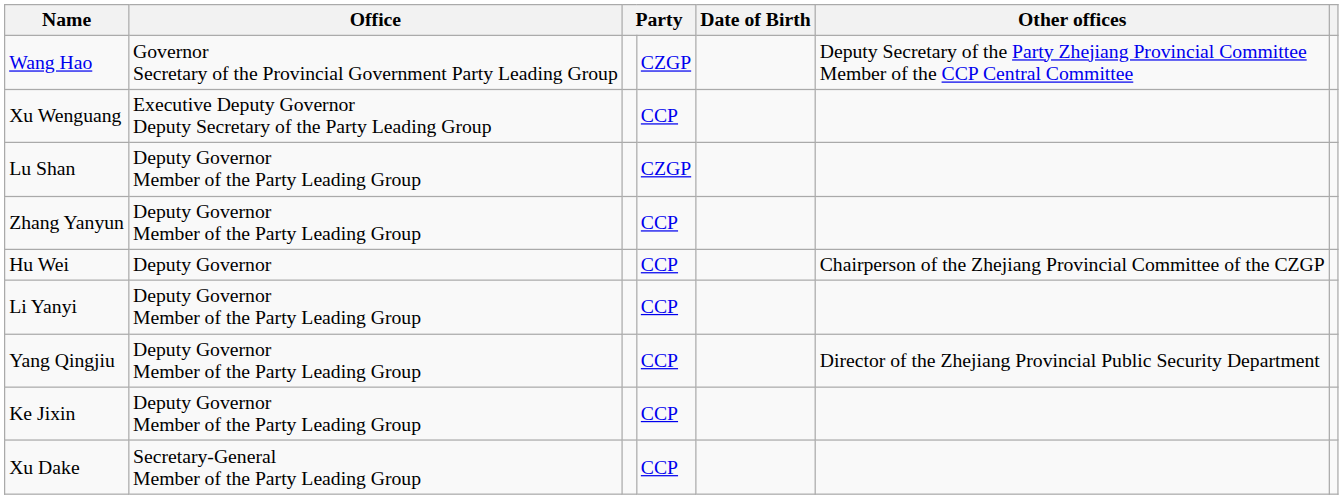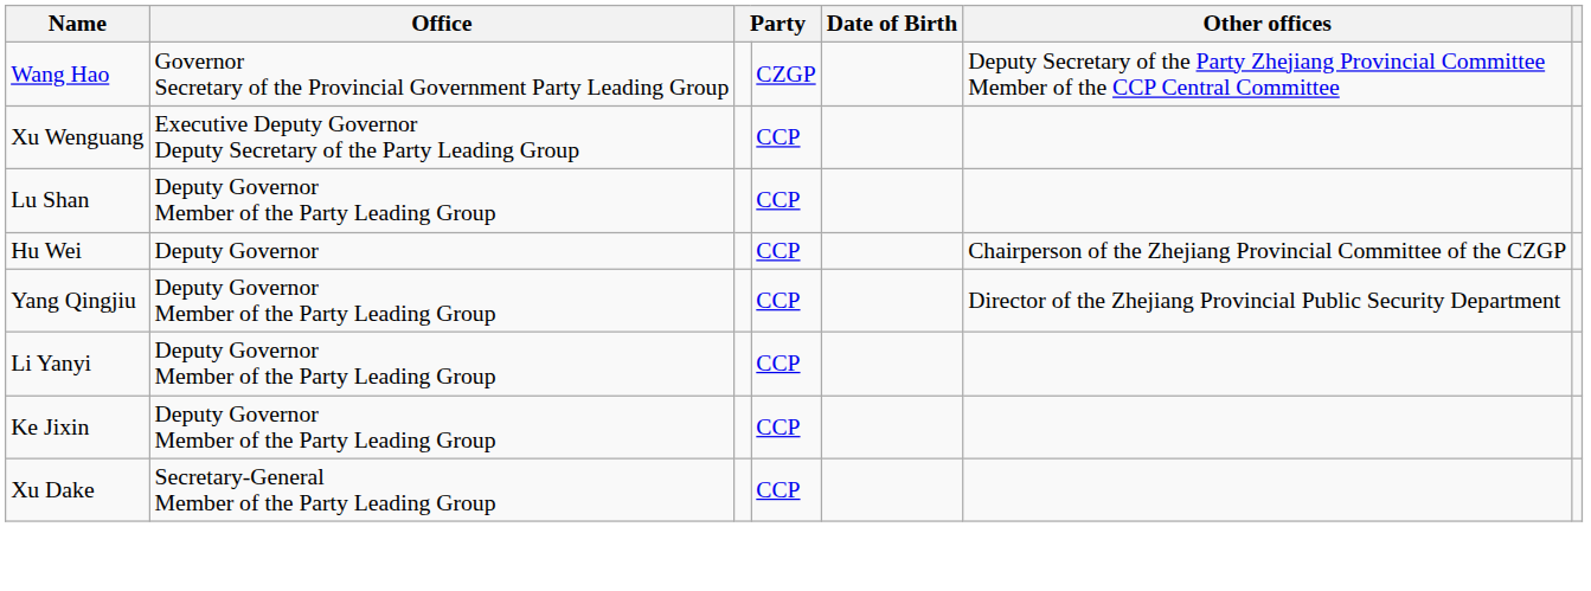 <table class="wikitable">
 <tr>
 <th>Name</th>
 <th>Office</th>
 <th colspan="2">Party</th>
 <th>Date of Birth</th>
 <th>Other offices</th>
 <th></th>
 </tr>
 <tr>
 <td><a href='#'>Wang Hao</a></td>
 <td>Governor<br>Secretary of the Provincial Government Party Leading Group</td>
 <td style="background:"> </td>
 <td><a href='#'>CZGP</a></td>
 <td></td>
 <td>Deputy Secretary of the <a href='#'>Party Zhejiang Provincial Committee</a><br>Member of the <a href='#'>CCP Central Committee</a></td>
 <td></td>
 </tr>
 <tr>
 <td>Xu Wenguang</td>
 <td>Executive Deputy Governor<br>Deputy Secretary of the Party Leading Group</td>
 <td style="background:"> </td>
 <td><a href='#'>CCP</a></td>
 <td></td>
 <td></td>
 <td></td>
 </tr>
 <tr>
 <td>Lu Shan</td>
 <td>Deputy Governor<br>Member of the Party Leading Group</td>
 <td style="background:"> </td>
-<td><a href='#'>CZGP</a></td>
-<td></td>
-<td></td>
-<td></td>
-</tr>
-<tr>
-<td>Zhang Yanyun</td>
-<td>Deputy Governor<br>Member of the Party Leading Group</td>
-<td style="background:"> </td>
 <td><a href='#'>CCP</a></td>
 <td></td>
 <td></td>
 <td></td>
 </tr>
 <tr>
 <td>Hu Wei</td>
 <td>Deputy Governor</td>
 <td style="background:"> </td>
 <td><a href='#'>CCP</a></td>
 <td></td>
 <td>Chairperson of the Zhejiang Provincial Committee of the CZGP</td>
 <td></td>
 </tr>
 <tr>
+<td>Yang Qingjiu</td>
+<td>Deputy Governor<br>Member of the Party Leading Group</td>
+<td style="background:"> </td>
+<td><a href='#'>CCP</a></td>
+<td></td>
+<td>Director of the Zhejiang Provincial Public Security Department</td>
+<td></td>
+</tr>
+<tr>
 <td>Li Yanyi</td>
 <td>Deputy Governor<br>Member of the Party Leading Group</td>
 <td style="background:"> </td>
 <td><a href='#'>CCP</a></td>
 <td></td>
 <td></td>
-<td></td>
-</tr>
-<tr>
-<td>Yang Qingjiu</td>
-<td>Deputy Governor<br>Member of the Party Leading Group</td>
-<td style="background:"> </td>
-<td><a href='#'>CCP</a></td>
-<td></td>
-<td>Director of the Zhejiang Provincial Public Security Department</td>
 <td></td>
 </tr>
 <tr>
 <td>Ke Jixin</td>
 <td>Deputy Governor<br>Member of the Party Leading Group</td>
 <td style="background:"> </td>
 <td><a href='#'>CCP</a></td>
 <td></td>
 <td></td>
 <td></td>
 </tr>
 <tr>
 <td>Xu Dake</td>
 <td>Secretary-General<br>Member of the Party Leading Group</td>
 <td style="background:"> </td>
 <td><a href='#'>CCP</a></td>
 <td></td>
 <td></td>
 <td></td>
 </tr>
 </table>
